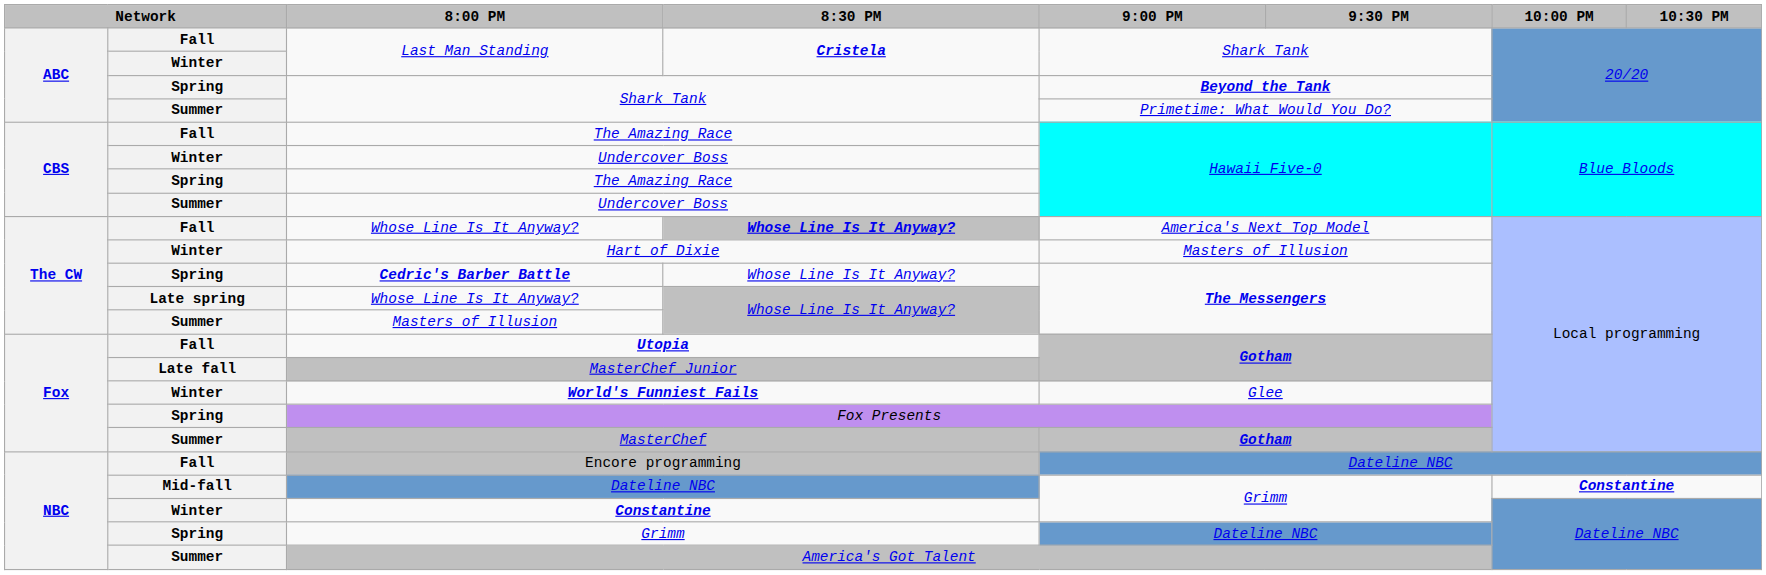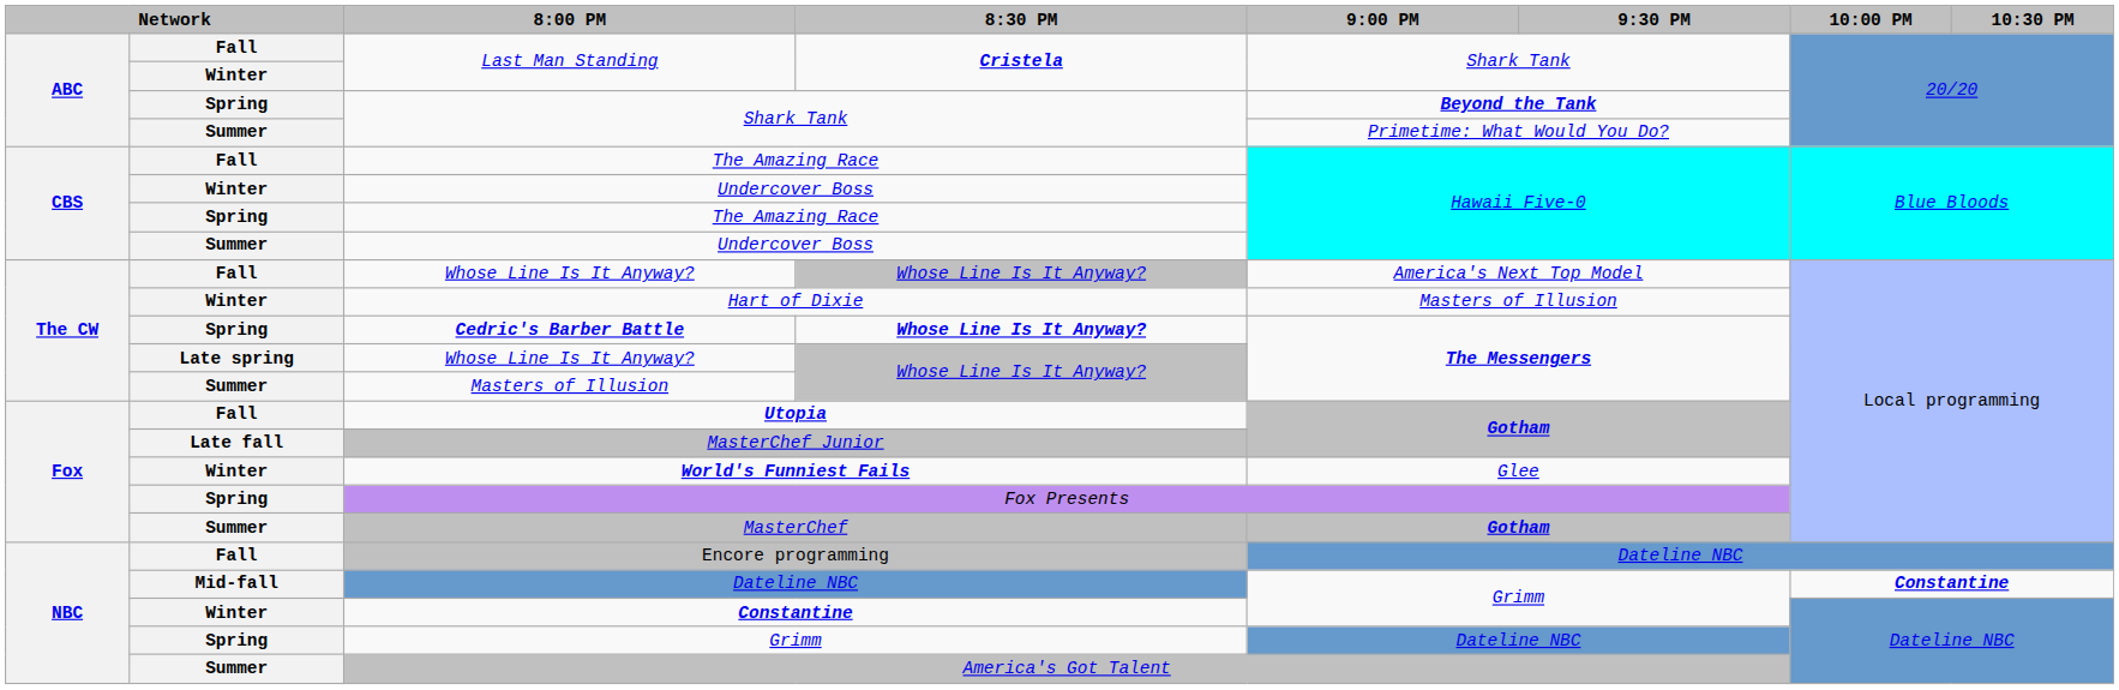 <table class="wikitable" style="width:100%;margin-right:0;text-align:center">
 <tr>
 <th colspan="2" style="background-color:#C0C0C0;text-align:center">Network</th>
 <th style="background-color:#C0C0C0;text-align:center">8:00 PM</th>
 <th style="background-color:#C0C0C0;text-align:center">8:30 PM</th>
 <th style="background-color:#C0C0C0;text-align:center">9:00 PM</th>
 <th style="background-color:#C0C0C0;text-align:center">9:30 PM</th>
 <th style="background-color:#C0C0C0;text-align:center">10:00 PM</th>
 <th style="background-color:#C0C0C0;text-align:center">10:30 PM</th>
 </tr>
 <tr>
 <th rowspan="4"><a href='#'>ABC</a></th>
 <th>Fall</th>
 <td rowspan="2"><em><a href='#'>Last Man Standing</a></em></td>
 <td rowspan="2"><strong><em><a href='#'>Cristela</a></em></strong></td>
 <td colspan="2" rowspan="2"><em><a href='#'>Shark Tank</a></em></td>
 <td style="background:#6699CC;" colspan="2" rowspan="4"><em><a href='#'>20/20</a></em></td>
 </tr>
 <tr>
 <th>Winter</th>
 </tr>
 <tr>
 <th>Spring</th>
 <td rowspan="2" colspan="2"><em><a href='#'>Shark Tank</a></em></td>
 <td colspan="2"><strong><em><a href='#'>Beyond the Tank</a></em></strong></td>
 </tr>
 <tr>
 <th>Summer</th>
 <td colspan="2"><em><a href='#'>Primetime: What Would You Do?</a></em></td>
 </tr>
 <tr>
 <th rowspan="4"><a href='#'>CBS</a></th>
 <th>Fall</th>
 <td colspan="2"><em><a href='#'>The Amazing Race</a></em></td>
 <td style="background:#00FFFF;" rowspan="4" colspan="2"><em><a href='#'>Hawaii Five-0</a></em> </td>
 <td style="background:#00FFFF;" rowspan="4" colspan="2"><em><a href='#'>Blue Bloods</a></em> </td>
 </tr>
 <tr>
 <th>Winter</th>
 <td colspan="2"><em><a href='#'>Undercover Boss</a></em></td>
 </tr>
 <tr>
 <th>Spring</th>
 <td colspan="2"><em><a href='#'>The Amazing Race</a></em></td>
 </tr>
 <tr>
 <th>Summer</th>
 <td colspan="2"><em><a href='#'>Undercover Boss</a></em></td>
 </tr>
 <tr>
 <th rowspan="5"><a href='#'>The CW</a></th>
 <th>Fall</th>
 <td><em><a href='#'>Whose Line Is It Anyway?</a></em></td>
-<td style="background-color:#C0C0C0"><strong><em><a href='#'>Whose Line Is It Anyway?</a></em> </strong></td>
+<td style="background-color:#C0C0C0"><em><a href='#'>Whose Line Is It Anyway?</a></em> </td>
 <td colspan="2"><em><a href='#'>America's Next Top Model</a></em></td>
 <td style="background:#abbfff;" colspan="2" rowspan="10">Local programming</td>
 </tr>
 <tr>
 <th>Winter</th>
 <td colspan="2"><em><a href='#'>Hart of Dixie</a></em></td>
 <td colspan="2"><em><a href='#'>Masters of Illusion</a></em></td>
 </tr>
 <tr>
 <th>Spring</th>
 <td><strong><em><a href='#'>Cedric's Barber Battle</a></em></strong></td>
-<td><em><a href='#'>Whose Line Is It Anyway?</a></em></td>
+<td><strong><em><a href='#'>Whose Line Is It Anyway?</a></em></strong></td>
 <td colspan="2" rowspan="3"><strong><em><a href='#'>The Messengers</a></em></strong></td>
 </tr>
 <tr>
 <th>Late spring</th>
 <td><em><a href='#'>Whose Line Is It Anyway?</a></em></td>
 <td rowspan="2" style="background-color:#C0C0C0"><em><a href='#'>Whose Line Is It Anyway?</a></em> </td>
 </tr>
 <tr>
 <th>Summer</th>
 <td><em><a href='#'>Masters of Illusion</a></em></td>
 </tr>
 <tr>
 <th rowspan="5"><a href='#'>Fox</a></th>
 <th>Fall</th>
 <td colspan="2"><strong><em><a href='#'>Utopia</a></em></strong></td>
 <td colspan="2" rowspan="2" style="background-color:#C0C0C0"><strong><em><a href='#'>Gotham</a></em></strong> </td>
 </tr>
 <tr>
 <th>Late fall</th>
 <td colspan="2" style="background-color:#C0C0C0"><em><a href='#'>MasterChef Junior</a></em> </td>
 </tr>
 <tr>
 <th>Winter</th>
 <td colspan="2"><strong><em><a href='#'>World's Funniest Fails</a></em></strong></td>
 <td colspan="2"><em><a href='#'>Glee</a></em></td>
 </tr>
 <tr>
 <th>Spring</th>
 <td colspan="4" style="background:#bf8fef;"><em>Fox Presents</em></td>
 </tr>
 <tr>
 <th>Summer</th>
 <td colspan="2" style="background-color:#C0C0C0"><em><a href='#'>MasterChef</a></em> </td>
 <td colspan="2" style="background-color:#C0C0C0"><strong><em><a href='#'>Gotham</a></em></strong> </td>
 </tr>
 <tr>
 <th rowspan="5"><a href='#'>NBC</a></th>
 <th rowspan="1">Fall</th>
 <td colspan="2" style="background-color:#C0C0C0">Encore programming</td>
 <td style="background:#6699CC;" colspan="4"><em><a href='#'>Dateline NBC</a></em></td>
 </tr>
 <tr>
 <th rowspan"1">Mid-fall</th>
 <td style="background:#6699CC;" colspan="2"><em><a href='#'>Dateline NBC</a></em></td>
 <td rowspan="2" colspan="2"><em><a href='#'>Grimm</a></em></td>
 <td colspan="2"><strong><em><a href='#'>Constantine</a></em></strong></td>
 </tr>
 <tr>
 <th>Winter</th>
 <td colspan="2"><strong><em><a href='#'>Constantine</a></em></strong></td>
 <td style="background:#6699CC;" rowspan="3" colspan="2"><em><a href='#'>Dateline NBC</a></em></td>
 </tr>
 <tr>
 <th>Spring</th>
 <td colspan="2"><em><a href='#'>Grimm</a></em></td>
 <td style="background:#6699CC;" colspan="2"><em><a href='#'>Dateline NBC</a></em></td>
 </tr>
 <tr>
 <th>Summer</th>
 <td colspan="4" style="background-color:#C0C0C0"><em><a href='#'>America's Got Talent</a></em> </td>
 </tr>
 </table>
